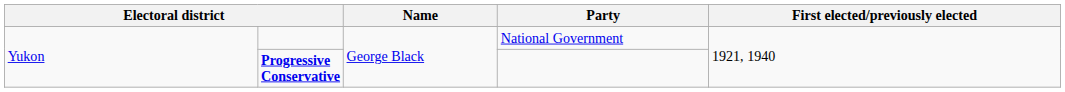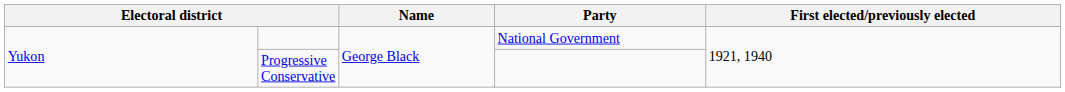 <table class="wikitable" width=95%>
 <tr>
 <th colspan=2 width=25%>Electoral district</th>
 <th>Name</th>
 <th width=20%>Party</th>
 <th>First elected/previously elected</th>
 </tr>
 <tr>
 <td width=24% rowspan=2><a href='#'>Yukon</a></td>
 <td></td>
 <td rowspan=2><a href='#'>George Black</a></td>
 <td><a href='#'>National Government</a></td>
 <td rowspan=2>1921, 1940</td>
 </tr>
 <tr>
-<td><strong><a href='#'>Progressive Conservative</a></strong></td>
+<td><a href='#'>Progressive Conservative</a></td>
 </tr>
 </table>
